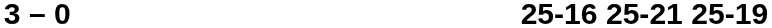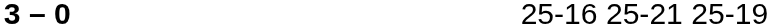 <table width=100% cellspacing=1>
 <tr>
 <th width=20%></th>
 <th width=12%></th>
 <th width=20%></th>
 <th width=33%></th>
 <td></td>
 </tr>
 <tr style=font-size:90%>
 <td align=right><strong></strong></td>
 <td align=center><strong>3 – 0</strong></td>
 <td></td>
-<td><strong>25-16 25-21 25-19</strong></td>
+<td>25-16 25-21 25-19</td>
 </tr>
 </table>
